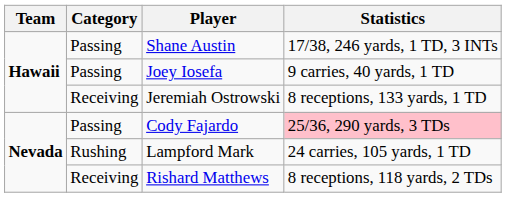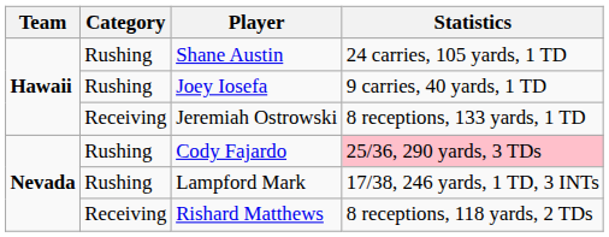 <table class="wikitable" style="float: left;">
 <tr>
 <th>Team</th>
 <th>Category</th>
 <th>Player</th>
 <th>Statistics</th>
 </tr>
 <tr>
 <td rowspan=3><strong>Hawaii</strong></td>
-<td>Passing</td>
+<td>Rushing</td>
 <td><a href='#'>Shane Austin</a></td>
-<td>17/38, 246 yards, 1 TD, 3 INTs</td>
+<td>24 carries, 105 yards, 1 TD</td>
 </tr>
 <tr>
-<td>Passing</td>
+<td>Rushing</td>
 <td><a href='#'>Joey Iosefa</a></td>
 <td>9 carries, 40 yards, 1 TD</td>
 </tr>
 <tr>
 <td>Receiving</td>
 <td>Jeremiah Ostrowski</td>
 <td>8 receptions, 133 yards, 1 TD</td>
 </tr>
 <tr>
 <td rowspan=3><strong>Nevada</strong></td>
-<td>Passing</td>
+<td>Rushing</td>
 <td><a href='#'>Cody Fajardo</a></td>
 <td style="background: pink;">25/36, 290 yards, 3 TDs</td>
 </tr>
 <tr>
 <td>Rushing</td>
 <td>Lampford Mark</td>
-<td>24 carries, 105 yards, 1 TD</td>
+<td>17/38, 246 yards, 1 TD, 3 INTs</td>
 </tr>
 <tr>
 <td>Receiving</td>
 <td><a href='#'>Rishard Matthews</a></td>
 <td>8 receptions, 118 yards, 2 TDs</td>
 </tr>
 </table>
